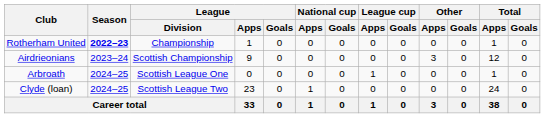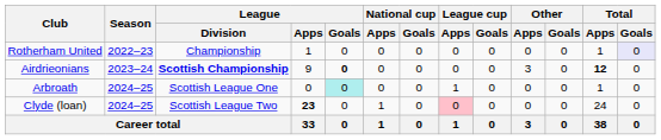 <table class="wikitable" style="text-align:center">
 <tr>
 <th rowspan="2">Club</th>
 <th rowspan="2">Season</th>
 <th colspan="3">League</th>
 <th colspan="2">National cup</th>
 <th colspan="2">League cup</th>
 <th colspan="2">Other</th>
 <th colspan="2">Total</th>
 </tr>
 <tr>
 <th>Division</th>
 <th>Apps</th>
 <th>Goals</th>
 <th>Apps</th>
 <th>Goals</th>
 <th>Apps</th>
 <th>Goals</th>
 <th>Apps</th>
 <th>Goals</th>
 <th>Apps</th>
 <th>Goals</th>
 </tr>
 <tr>
 <td><a href='#'>Rotherham United</a></td>
-<td><strong><a href='#'>2022–23</a></strong></td>
+<td><a href='#'>2022–23</a></td>
 <td><a href='#'>Championship</a></td>
 <td>1</td>
 <td>0</td>
 <td>0</td>
 <td>0</td>
 <td>0</td>
 <td>0</td>
 <td>0</td>
 <td>0</td>
 <td>1</td>
-<td>0</td>
+<td style="background: lavender;">0</td>
 </tr>
 <tr>
 <td><a href='#'>Airdrieonians</a></td>
 <td><a href='#'>2023–24</a></td>
-<td><a href='#'>Scottish Championship</a></td>
+<td><strong><a href='#'>Scottish Championship</a></strong></td>
 <td>9</td>
-<td>0</td>
+<td><strong>0</strong></td>
 <td>0</td>
 <td>0</td>
 <td>0</td>
 <td>0</td>
 <td>3</td>
 <td>0</td>
-<td>12</td>
+<td><strong>12</strong></td>
 <td>0</td>
 </tr>
 <tr>
 <td><a href='#'>Arbroath</a></td>
 <td><a href='#'>2024–25</a></td>
 <td><a href='#'>Scottish League One</a></td>
 <td>0</td>
-<td>0</td>
+<td style="background: paleturquoise;">0</td>
 <td>0</td>
 <td>0</td>
 <td>1</td>
 <td>0</td>
 <td>0</td>
 <td>0</td>
 <td>1</td>
 <td>0</td>
 </tr>
 <tr>
 <td><a href='#'>Clyde</a> (loan)</td>
 <td><a href='#'>2024–25</a></td>
 <td><a href='#'>Scottish League Two</a></td>
-<td>23</td>
+<td><strong>23</strong></td>
 <td>0</td>
 <td>1</td>
 <td>0</td>
-<td>0</td>
+<td style="background: pink;">0</td>
 <td>0</td>
 <td>0</td>
 <td>0</td>
 <td>24</td>
 <td>0</td>
 </tr>
 <tr>
 <th colspan="3">Career total</th>
 <th>33</th>
 <th>0</th>
 <th>1</th>
 <th>0</th>
 <th>1</th>
 <th>0</th>
 <th>3</th>
 <th>0</th>
 <th>38</th>
 <th>0</th>
 </tr>
 </table>
